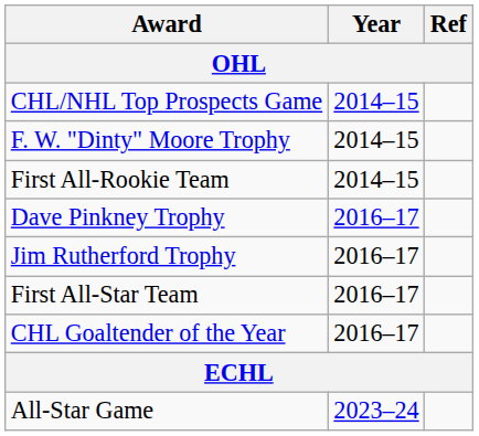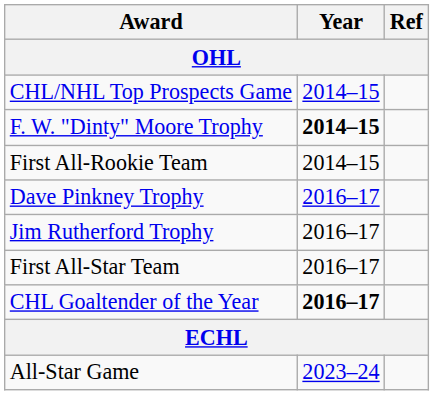 <table class="wikitable">
 <tr>
 <th>Award</th>
 <th>Year</th>
 <th>Ref</th>
 </tr>
 <tr>
 <th colspan="3"><a href='#'>OHL</a></th>
 </tr>
 <tr>
 <td><a href='#'>CHL/NHL Top Prospects Game</a></td>
 <td><a href='#'>2014–15</a></td>
 <td></td>
 </tr>
 <tr>
 <td><a href='#'>F. W. "Dinty" Moore Trophy</a></td>
-<td>2014–15</td>
+<td><strong>2014–15</strong></td>
 <td></td>
 </tr>
 <tr>
 <td>First All-Rookie Team</td>
 <td>2014–15</td>
 <td></td>
 </tr>
 <tr>
 <td><a href='#'>Dave Pinkney Trophy</a></td>
 <td><a href='#'>2016–17</a></td>
 <td></td>
 </tr>
 <tr>
 <td><a href='#'>Jim Rutherford Trophy</a></td>
 <td>2016–17</td>
 <td></td>
 </tr>
 <tr>
 <td>First All-Star Team</td>
 <td>2016–17</td>
 <td></td>
 </tr>
 <tr>
 <td><a href='#'>CHL Goaltender of the Year</a></td>
-<td>2016–17</td>
+<td><strong>2016–17</strong></td>
 <td></td>
 </tr>
 <tr>
 <th colspan="3"><a href='#'>ECHL</a></th>
 </tr>
 <tr>
 <td>All-Star Game</td>
 <td><a href='#'>2023–24</a></td>
 <td></td>
 </tr>
 </table>
